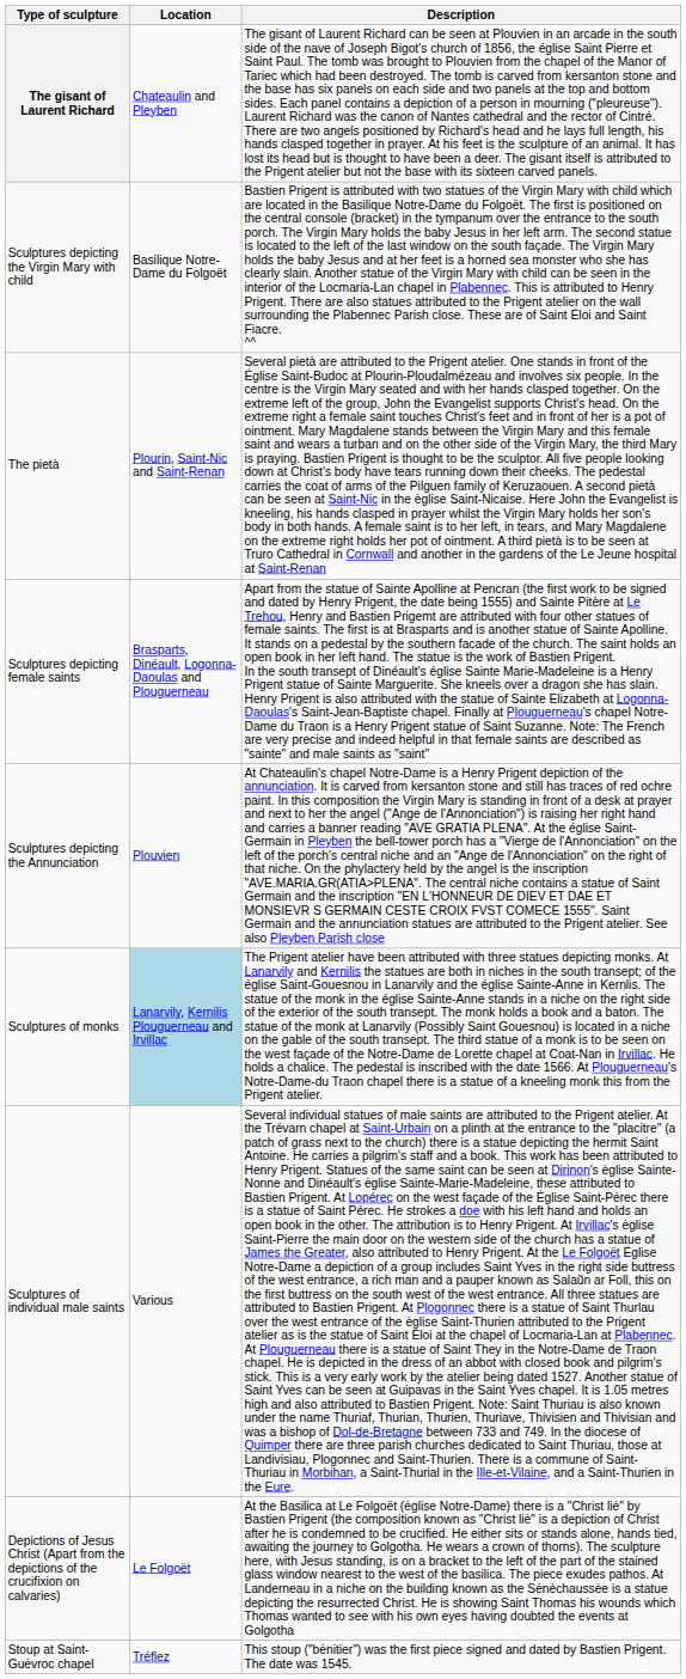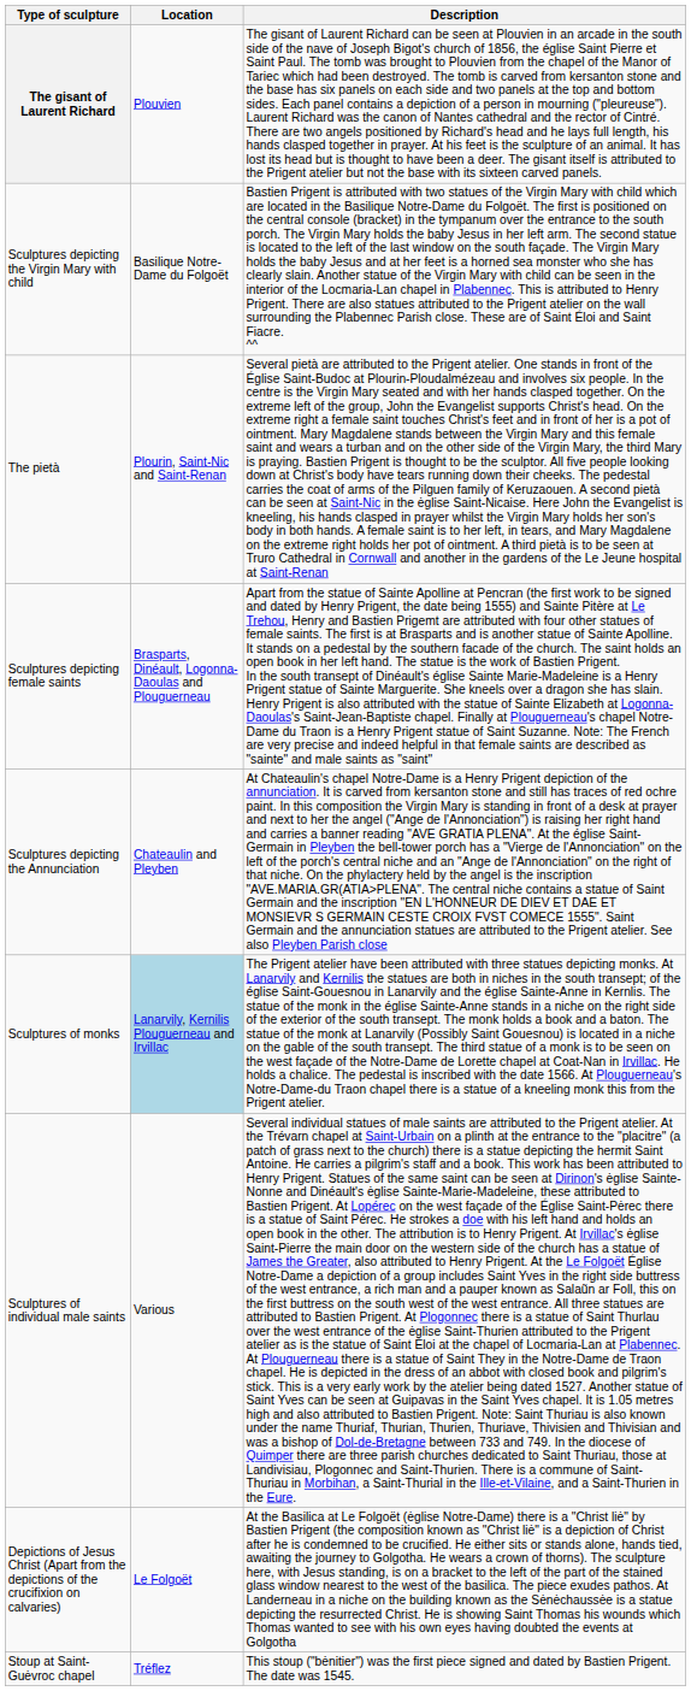 <table class="wikitable sortable" style="width:100%; margin-top:0.5em;">
 <tr>
 <th scope="col">Type of sculpture</th>
 <th scope="col">Location</th>
 <th scope="col" style="width:65%;">Description</th>
 </tr>
 <tr>
 <th scope="row">The gisant of Laurent Richard</th>
-<td><a href='#'>Chateaulin</a> and <a href='#'>Pleyben</a></td>
+<td><a href='#'>Plouvien</a></td>
 <td>The gisant of Laurent Richard can be seen at Plouvien in an arcade in the south side of the nave of Joseph Bigot's church of 1856, the église Saint Pierre et Saint Paul. The tomb was brought to Plouvien from the chapel of the Manor of Tariec which had been destroyed. The tomb is carved from kersanton stone and the base has six panels on each side and two panels at the top and bottom sides. Each panel contains a depiction of a person in mourning ("pleureuse").  Laurent Richard was the canon of Nantes cathedral and the rector of Cintré. There are two angels positioned by Richard's head and he lays full length, his hands clasped together in prayer.  At his feet is the sculpture of an animal. It has lost its head but is thought to have been a deer. The gisant itself is attributed to the Prigent atelier but not the base with its sixteen carved panels.</td>
 </tr>
 <tr>
 <td>Sculptures depicting the Virgin Mary with child</td>
 <td>Basilique Notre-Dame du Folgoët</td>
 <td>Bastien Prigent is attributed with two statues of the Virgin Mary with child which are located in the Basilique Notre-Dame du Folgoët. The first is positioned on the central console (bracket) in the tympanum over the entrance to the south porch. The Virgin Mary holds the baby Jesus in her left arm. The second statue is located to the left of the last window on the south façade. The Virgin Mary holds the baby Jesus and at her feet is a horned sea monster who she has clearly slain. Another statue of the Virgin Mary with child can be seen in the interior of the Locmaria-Lan chapel in <a href='#'>Plabennec</a>. This is attributed to Henry Prigent. There are also statues attributed to the Prigent atelier on the wall surrounding the Plabennec Parish close. These are of Saint Éloi and Saint Fiacre.<br>^^</td>
 </tr>
 <tr>
 <td>The pietà</td>
 <td><a href='#'>Plourin</a>, <a href='#'>Saint-Nic</a> and <a href='#'>Saint-Renan</a></td>
 <td>Several pietà are attributed to the Prigent atelier. One stands in front of the Église Saint-Budoc at Plourin-Ploudalmézeau and involves six people. In the centre is the Virgin Mary seated and with her hands clasped together. On the extreme left of the group, John the Evangelist supports Christ's head. On the extreme right a female saint touches Christ's feet and in front of her is a pot of ointment. Mary Magdalene stands between the Virgin Mary and this female saint and wears a turban and on the other side of the Virgin Mary, the third Mary is praying. Bastien Prigent is thought to be the sculptor. All five people looking down at Christ's body have tears running down their cheeks. The pedestal carries the coat of arms of the Pilguen family of Keruzaouen. A second pietà can be seen at <a href='#'>Saint-Nic</a> in the ėglise Saint-Nicaise. Here John the Evangelist is kneeling, his hands clasped in prayer whilst the Virgin Mary holds her son's body in both hands. A female saint is to her left, in tears, and Mary Magdalene on the extreme right holds her pot of ointment. A third pietà is to be seen at Truro Cathedral in <a href='#'>Cornwall</a> and another in the gardens of the Le Jeune hospital at <a href='#'>Saint-Renan</a></td>
 </tr>
 <tr>
 <td>Sculptures depicting female saints</td>
 <td><a href='#'>Brasparts</a>, <a href='#'>Dinéault</a>, <a href='#'>Logonna-Daoulas</a> and <a href='#'>Plouguerneau</a></td>
 <td>Apart from the statue of Sainte Apolline at Pencran (the first work to be signed and dated by Henry Prigent, the date being 1555) and Sainte Pitère at <a href='#'>Le Trehou</a>, Henry and Bastien Prigemt are attributed with four other statues of female saints. The first is at Brasparts and is another statue of Sainte Apolline. It stands on a pedestal by the southern facade of the church. The saint holds an open book in her left hand. The statue is the work of Bastien Prigent.<br> In the south transept of Dinéault's église Sainte Marie-Madeleine is a Henry Prigent statue of Sainte Marguerite. She kneels over a dragon she has slain. Henry Prigent is also attributed with the statue of Sainte Elizabeth at <a href='#'>Logonna-Daoulas</a>'s Saint-Jean-Baptiste chapel. Finally at <a href='#'>Plouguerneau</a>'s chapel Notre-Dame du Traon is a Henry Prigent statue of Saint Suzanne. Note: The French are very precise and indeed helpful in that female saints are described as "sainte" and male saints as "saint"</td>
 </tr>
 <tr>
 <td>Sculptures depicting the Annunciation</td>
-<td><a href='#'>Plouvien</a></td>
+<td><a href='#'>Chateaulin</a> and <a href='#'>Pleyben</a></td>
 <td>At Chateaulin's chapel Notre-Dame is a Henry Prigent depiction of the <a href='#'>annunciation</a>. It is carved from kersanton stone and still has traces of red ochre paint. In this composition the Virgin Mary is standing in front of a desk at prayer and next to her the angel ("Ange de l'Annonciation") is raising her right hand and carries a banner reading "AVE GRATIA PLENA". At the église Saint-Germain in <a href='#'>Pleyben</a> the bell-tower porch has a "Vierge de l'Annonciation" on the left of the porch's central niche and an "Ange de l'Annonciation" on the right of that niche. On the phylactery held by the angel is the inscription "AVE.MARIA.GR(ATIA>PLENA". The central niche contains a statue of Saint Germain and the inscription "EN L'HONNEUR DE DIEV ET DAE ET MONSIEVR S GERMAIN CESTE CROIX FVST COMECE 1555". Saint Germain and the annunciation statues are attributed to the Prigent atelier. See also <a href='#'>Pleyben Parish close</a></td>
 </tr>
 <tr>
 <td>Sculptures of monks</td>
 <td style="background: lightblue;"><a href='#'>Lanarvily</a>, <a href='#'>Kernilis</a> <a href='#'>Plouguerneau</a> and <a href='#'>Irvillac</a></td>
 <td>The Prigent atelier have been attributed with three statues depicting monks. At <a href='#'>Lanarvily</a> and <a href='#'>Kernilis</a> the statues are both in niches in the south transept; of the église Saint-Gouesnou in Lanarvily and the église Sainte-Anne in Kernlis. The statue of the monk in the église Sainte-Anne stands in a niche on the right side of the exterior of the south transept. The monk holds a book and a baton. The statue of the monk at Lanarvily (Possibly Saint Gouesnou) is located in a niche on the gable of the south transept. The third statue of a monk is to be seen on the west façade of the Notre-Dame de Lorette chapel at Coat-Nan in <a href='#'>Irvillac</a>. He holds a chalice. The pedestal is inscribed with the date 1566. At <a href='#'>Plouguerneau</a>'s Notre-Dame-du Traon chapel there is a statue of a kneeling monk this from the Prigent atelier.<br></td>
 </tr>
 <tr>
 <td>Sculptures of individual male saints</td>
 <td>Various</td>
 <td>Several individual statues of male saints are attributed to the Prigent atelier.  At the Trévarn chapel at <a href='#'>Saint-Urbain</a> on a plinth at the entrance to the "placitre" (a patch of grass next to the church) there is a statue depicting the hermit Saint Antoine. He carries a pilgrim's staff and a book. This work has been attributed to Henry Prigent. Statues of the same saint can be seen at <a href='#'>Dirinon</a>'s ėglise Sainte-Nonne and Dinéault's ėglise Sainte-Marie-Madeleine, these attributed to Bastien Prigent.  At <a href='#'>Lopérec</a> on the west façade of the Église Saint-Pėrec there is a statue of Saint Pérec. He strokes a <a href='#'>doe</a> with his left hand and holds an open book in the other. The attribution is to Henry Prigent. At <a href='#'>Irvillac</a>'s ėglise Saint-Pierre the main door on the western side of the church has a statue of <a href='#'>James the Greater</a>, also attributed to Henry Prigent. At the <a href='#'>Le Folgoët</a> Église Notre-Dame a depiction of a group includes Saint Yves in the right side buttress of the west entrance, a rich man and a pauper known as Salaũn ar Foll, this on the first buttress on the south west of the west entrance. All three statues are attributed to Bastien Prigent. At <a href='#'>Plogonnec</a> there is a statue of Saint Thurlau over the west entrance of the ėglise Saint-Thurien attributed to the Prigent atelier as is the statue of Saint Éloi at the chapel of Locmaria-Lan at <a href='#'>Plabennec</a>. At <a href='#'>Plouguerneau</a> there is a statue of Saint They in the Notre-Dame de Traon chapel. He is depicted in the dress of an abbot with closed book and pilgrim's stick. This is a very early work by the atelier being dated 1527. Another statue of Saint Yves can be seen at Guipavas in the Saint Yves chapel. It is 1.05 metres high and also attributed to Bastien Prigent. Note: Saint Thuriau is also known under the name Thuriaf, Thurian, Thurien, Thuriave, Thivisien and Thivisian and was a bishop of <a href='#'>Dol-de-Bretagne</a> between 733 and 749.  In the diocese of <a href='#'>Quimper</a> there are three parish churches dedicated to Saint Thuriau, those at Landivisiau, Plogonnec and Saint-Thurien. There is a commune of Saint-Thuriau in <a href='#'>Morbihan</a>, a Saint-Thurial in the <a href='#'>Ille-et-Vilaine</a>, and a Saint-Thurien in the <a href='#'>Eure</a>.<br></td>
 </tr>
 <tr>
 <td>Depictions of Jesus Christ (Apart from the depictions of the crucifixion on calvaries)</td>
 <td><a href='#'>Le Folgoët</a></td>
 <td>At the Basilica at Le Folgoët (ėglise Notre-Dame) there is a "Christ liė" by Bastien Prigent (the composition known as "Christ liė" is a depiction of Christ after he is condemned to be crucified. He either sits or stands alone, hands tied, awaiting the journey to Golgotha. He wears a crown of thorns).  The sculpture here, with Jesus standing, is on a bracket to the left of the part of the stained glass window nearest to the west of the basilica. The piece exudes pathos. At Landerneau in a niche on the building known as the Sėnėchaussėe is a statue depicting the resurrected Christ. He is showing Saint Thomas his wounds which Thomas wanted to see with his own eyes having doubted the events at Golgotha</td>
 </tr>
 <tr>
 <td>Stoup at Saint-Guėvroc chapel</td>
 <td><a href='#'>Tréflez</a></td>
 <td>This stoup ("bėnitier") was the first piece signed and dated by Bastien Prigent. The date was 1545.</td>
 </tr>
 </table>
